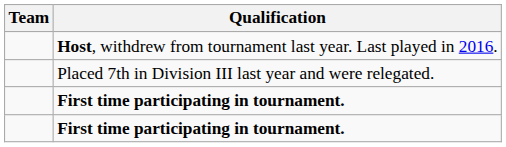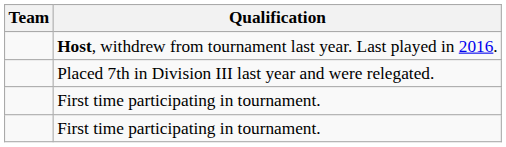 <table class="wikitable">
 <tr>
 <th>Team</th>
 <th>Qualification</th>
 </tr>
 <tr>
 <td></td>
 <td><strong>Host</strong>, withdrew from tournament last year. Last played in <a href='#'>2016</a>.</td>
 </tr>
 <tr>
 <td></td>
 <td>Placed 7th in Division III last year and were relegated.</td>
 </tr>
 <tr>
 <td></td>
-<td><strong>First time participating in tournament.</strong></td>
+<td>First time participating in tournament.</td>
 </tr>
 <tr>
 <td></td>
-<td><strong>First time participating in tournament.</strong></td>
+<td>First time participating in tournament.</td>
 </tr>
 </table>
